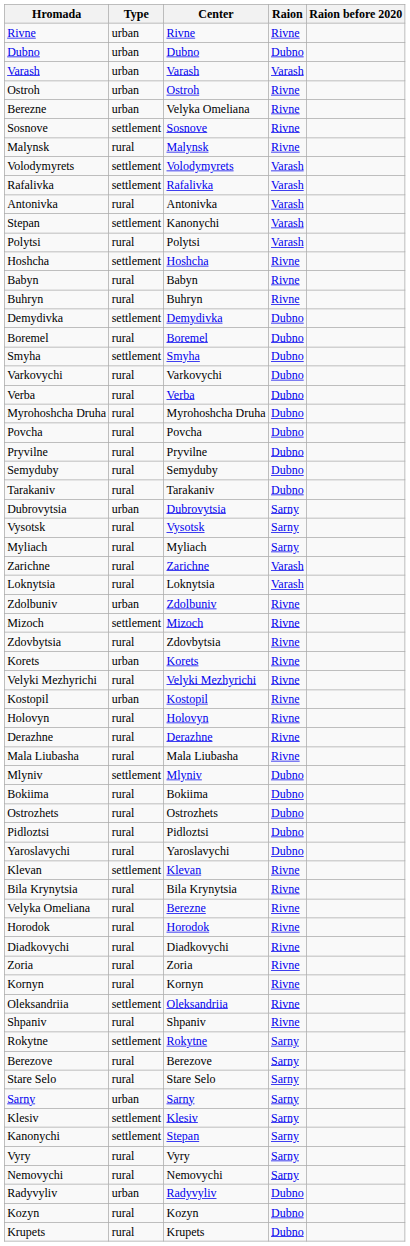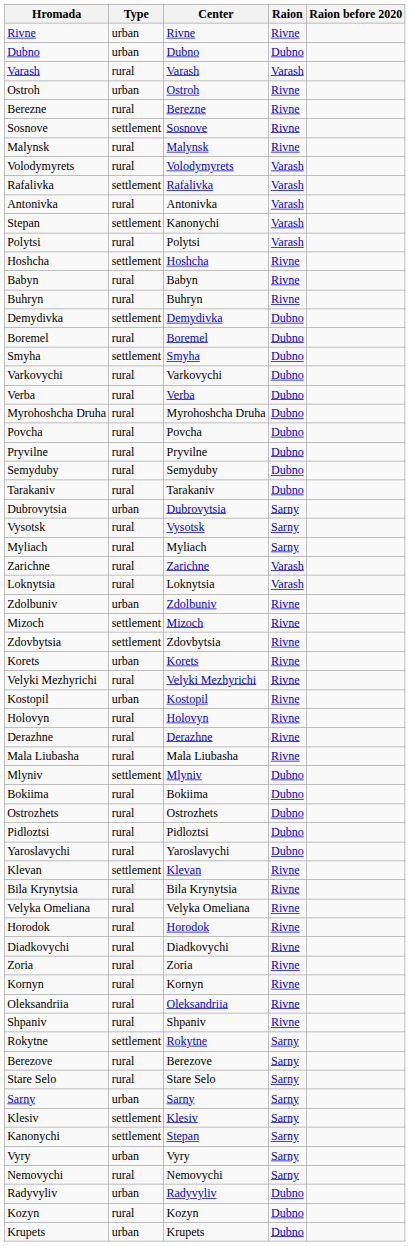 <table class='wikitable sortable'>
 <tr>
 <th>Hromada</th>
 <th>Type</th>
 <th>Center</th>
 <th>Raion</th>
 <th>Raion before 2020</th>
 </tr>
 <tr>
 <td><a href='#'>Rivne</a></td>
 <td>urban</td>
 <td><a href='#'>Rivne</a></td>
 <td><a href='#'>Rivne</a></td>
 <td></td>
 </tr>
 <tr>
 <td><a href='#'>Dubno</a></td>
 <td>urban</td>
 <td><a href='#'>Dubno</a></td>
 <td><a href='#'>Dubno</a></td>
 <td></td>
 </tr>
 <tr>
 <td><a href='#'>Varash</a></td>
-<td>urban</td>
+<td>rural</td>
 <td><a href='#'>Varash</a></td>
 <td><a href='#'>Varash</a></td>
 <td></td>
 </tr>
 <tr>
 <td>Ostroh</td>
 <td>urban</td>
 <td><a href='#'>Ostroh</a></td>
 <td><a href='#'>Rivne</a></td>
 <td></td>
 </tr>
 <tr>
 <td>Berezne</td>
-<td>urban</td>
-<td>Velyka Omeliana</td>
+<td>rural</td>
+<td><a href='#'>Berezne</a></td>
 <td><a href='#'>Rivne</a></td>
 <td></td>
 </tr>
 <tr>
 <td>Sosnove</td>
 <td>settlement</td>
 <td><a href='#'>Sosnove</a></td>
 <td><a href='#'>Rivne</a></td>
 <td></td>
 </tr>
 <tr>
 <td>Malynsk</td>
 <td>rural</td>
 <td><a href='#'>Malynsk</a></td>
 <td><a href='#'>Rivne</a></td>
 <td></td>
 </tr>
 <tr>
 <td>Volodymyrets</td>
-<td>settlement</td>
+<td>rural</td>
 <td><a href='#'>Volodymyrets</a></td>
 <td><a href='#'>Varash</a></td>
 <td></td>
 </tr>
 <tr>
 <td>Rafalivka</td>
 <td>settlement</td>
 <td><a href='#'>Rafalivka</a></td>
 <td><a href='#'>Varash</a></td>
 <td></td>
 </tr>
 <tr>
 <td>Antonivka</td>
 <td>rural</td>
 <td>Antonivka</td>
 <td><a href='#'>Varash</a></td>
 <td></td>
 </tr>
 <tr>
 <td>Stepan</td>
 <td>settlement</td>
 <td>Kanonychi</td>
 <td><a href='#'>Varash</a></td>
 <td></td>
 </tr>
 <tr>
 <td>Polytsi</td>
 <td>rural</td>
 <td>Polytsi</td>
 <td><a href='#'>Varash</a></td>
 <td></td>
 </tr>
 <tr>
 <td>Hoshcha</td>
 <td>settlement</td>
 <td><a href='#'>Hoshcha</a></td>
 <td><a href='#'>Rivne</a></td>
 <td></td>
 </tr>
 <tr>
 <td>Babyn</td>
 <td>rural</td>
 <td>Babyn</td>
 <td><a href='#'>Rivne</a></td>
 <td></td>
 </tr>
 <tr>
 <td>Buhryn</td>
 <td>rural</td>
 <td>Buhryn</td>
 <td><a href='#'>Rivne</a></td>
 <td></td>
 </tr>
 <tr>
 <td>Demydivka</td>
 <td>settlement</td>
 <td><a href='#'>Demydivka</a></td>
 <td><a href='#'>Dubno</a></td>
 <td></td>
 </tr>
 <tr>
 <td>Boremel</td>
 <td>rural</td>
 <td><a href='#'>Boremel</a></td>
 <td><a href='#'>Dubno</a></td>
 <td></td>
 </tr>
 <tr>
 <td>Smyha</td>
 <td>settlement</td>
 <td><a href='#'>Smyha</a></td>
 <td><a href='#'>Dubno</a></td>
 <td></td>
 </tr>
 <tr>
 <td>Varkovychi</td>
 <td>rural</td>
 <td>Varkovychi</td>
 <td><a href='#'>Dubno</a></td>
 <td></td>
 </tr>
 <tr>
 <td>Verba</td>
 <td>rural</td>
 <td><a href='#'>Verba</a></td>
 <td><a href='#'>Dubno</a></td>
 <td></td>
 </tr>
 <tr>
 <td>Myrohoshcha Druha</td>
 <td>rural</td>
 <td>Myrohoshcha Druha</td>
 <td><a href='#'>Dubno</a></td>
 <td></td>
 </tr>
 <tr>
 <td>Povcha</td>
 <td>rural</td>
 <td>Povcha</td>
 <td><a href='#'>Dubno</a></td>
 <td></td>
 </tr>
 <tr>
 <td>Pryvilne</td>
 <td>rural</td>
 <td>Pryvilne</td>
 <td><a href='#'>Dubno</a></td>
 <td></td>
 </tr>
 <tr>
 <td>Semyduby</td>
 <td>rural</td>
 <td>Semyduby</td>
 <td><a href='#'>Dubno</a></td>
 <td></td>
 </tr>
 <tr>
 <td>Tarakaniv</td>
 <td>rural</td>
 <td>Tarakaniv</td>
 <td><a href='#'>Dubno</a></td>
 <td></td>
 </tr>
 <tr>
 <td>Dubrovytsia</td>
 <td>urban</td>
 <td><a href='#'>Dubrovytsia</a></td>
 <td><a href='#'>Sarny</a></td>
 <td></td>
 </tr>
 <tr>
 <td>Vysotsk</td>
 <td>rural</td>
 <td><a href='#'>Vysotsk</a></td>
 <td><a href='#'>Sarny</a></td>
 <td></td>
 </tr>
 <tr>
 <td>Myliach</td>
 <td>rural</td>
 <td>Myliach</td>
 <td><a href='#'>Sarny</a></td>
 <td></td>
 </tr>
 <tr>
 <td>Zarichne</td>
 <td>rural</td>
 <td><a href='#'>Zarichne</a></td>
 <td><a href='#'>Varash</a></td>
 <td></td>
 </tr>
 <tr>
 <td>Loknytsia</td>
 <td>rural</td>
 <td>Loknytsia</td>
 <td><a href='#'>Varash</a></td>
 <td></td>
 </tr>
 <tr>
 <td>Zdolbuniv</td>
 <td>urban</td>
 <td><a href='#'>Zdolbuniv</a></td>
 <td><a href='#'>Rivne</a></td>
 <td></td>
 </tr>
 <tr>
 <td>Mizoch</td>
 <td>settlement</td>
 <td><a href='#'>Mizoch</a></td>
 <td><a href='#'>Rivne</a></td>
 <td></td>
 </tr>
 <tr>
 <td>Zdovbytsia</td>
-<td>rural</td>
+<td>settlement</td>
 <td>Zdovbytsia</td>
 <td><a href='#'>Rivne</a></td>
 <td></td>
 </tr>
 <tr>
 <td>Korets</td>
 <td>urban</td>
 <td><a href='#'>Korets</a></td>
 <td><a href='#'>Rivne</a></td>
 <td></td>
 </tr>
 <tr>
 <td>Velyki Mezhyrichi</td>
 <td>rural</td>
 <td><a href='#'>Velyki Mezhyrichi</a></td>
 <td><a href='#'>Rivne</a></td>
 <td></td>
 </tr>
 <tr>
 <td>Kostopil</td>
 <td>urban</td>
 <td><a href='#'>Kostopil</a></td>
 <td><a href='#'>Rivne</a></td>
 <td></td>
 </tr>
 <tr>
 <td>Holovyn</td>
 <td>rural</td>
 <td><a href='#'>Holovyn</a></td>
 <td><a href='#'>Rivne</a></td>
 <td></td>
 </tr>
 <tr>
 <td>Derazhne</td>
 <td>rural</td>
 <td><a href='#'>Derazhne</a></td>
 <td><a href='#'>Rivne</a></td>
 <td></td>
 </tr>
 <tr>
 <td>Mala Liubasha</td>
 <td>rural</td>
 <td>Mala Liubasha</td>
 <td><a href='#'>Rivne</a></td>
 <td></td>
 </tr>
 <tr>
 <td>Mlyniv</td>
 <td>settlement</td>
 <td><a href='#'>Mlyniv</a></td>
 <td><a href='#'>Dubno</a></td>
 <td></td>
 </tr>
 <tr>
 <td>Bokiima</td>
 <td>rural</td>
 <td>Bokiima</td>
 <td><a href='#'>Dubno</a></td>
 <td></td>
 </tr>
 <tr>
 <td>Ostrozhets</td>
 <td>rural</td>
 <td>Ostrozhets</td>
 <td><a href='#'>Dubno</a></td>
 <td></td>
 </tr>
 <tr>
 <td>Pidloztsi</td>
 <td>rural</td>
 <td>Pidloztsi</td>
 <td><a href='#'>Dubno</a></td>
 <td></td>
 </tr>
 <tr>
 <td>Yaroslavychi</td>
 <td>rural</td>
 <td>Yaroslavychi</td>
 <td><a href='#'>Dubno</a></td>
 <td></td>
 </tr>
 <tr>
 <td>Klevan</td>
 <td>settlement</td>
 <td><a href='#'>Klevan</a></td>
 <td><a href='#'>Rivne</a></td>
 <td></td>
 </tr>
 <tr>
 <td>Bila Krynytsia</td>
 <td>rural</td>
 <td>Bila Krynytsia</td>
 <td><a href='#'>Rivne</a></td>
 <td></td>
 </tr>
 <tr>
 <td>Velyka Omeliana</td>
 <td>rural</td>
-<td><a href='#'>Berezne</a></td>
+<td>Velyka Omeliana</td>
 <td><a href='#'>Rivne</a></td>
 <td></td>
 </tr>
 <tr>
 <td>Horodok</td>
 <td>rural</td>
 <td><a href='#'>Horodok</a></td>
 <td><a href='#'>Rivne</a></td>
 <td></td>
 </tr>
 <tr>
 <td>Diadkovychi</td>
 <td>rural</td>
 <td>Diadkovychi</td>
 <td><a href='#'>Rivne</a></td>
 <td></td>
 </tr>
 <tr>
 <td>Zoria</td>
 <td>rural</td>
 <td>Zoria</td>
 <td><a href='#'>Rivne</a></td>
 <td></td>
 </tr>
 <tr>
 <td>Kornyn</td>
 <td>rural</td>
 <td>Kornyn</td>
 <td><a href='#'>Rivne</a></td>
 <td></td>
 </tr>
 <tr>
 <td>Oleksandriia</td>
-<td>settlement</td>
+<td>rural</td>
 <td><a href='#'>Oleksandriia</a></td>
 <td><a href='#'>Rivne</a></td>
 <td></td>
 </tr>
 <tr>
 <td>Shpaniv</td>
 <td>rural</td>
 <td>Shpaniv</td>
 <td><a href='#'>Rivne</a></td>
 <td></td>
 </tr>
 <tr>
 <td>Rokytne</td>
 <td>settlement</td>
 <td><a href='#'>Rokytne</a></td>
 <td><a href='#'>Sarny</a></td>
 <td></td>
 </tr>
 <tr>
 <td>Berezove</td>
 <td>rural</td>
 <td>Berezove</td>
 <td><a href='#'>Sarny</a></td>
 <td></td>
 </tr>
 <tr>
 <td>Stare Selo</td>
 <td>rural</td>
 <td>Stare Selo</td>
 <td><a href='#'>Sarny</a></td>
 <td></td>
 </tr>
 <tr>
 <td><a href='#'>Sarny</a></td>
 <td>urban</td>
 <td><a href='#'>Sarny</a></td>
 <td><a href='#'>Sarny</a></td>
 <td></td>
 </tr>
 <tr>
 <td>Klesiv</td>
 <td>settlement</td>
 <td><a href='#'>Klesiv</a></td>
 <td><a href='#'>Sarny</a></td>
 <td></td>
 </tr>
 <tr>
 <td>Kanonychi</td>
 <td>settlement</td>
 <td><a href='#'>Stepan</a></td>
 <td><a href='#'>Sarny</a></td>
 <td></td>
 </tr>
 <tr>
 <td>Vyry</td>
-<td>rural</td>
+<td>urban</td>
 <td>Vyry</td>
 <td><a href='#'>Sarny</a></td>
 <td></td>
 </tr>
 <tr>
 <td>Nemovychi</td>
 <td>rural</td>
 <td>Nemovychi</td>
 <td><a href='#'>Sarny</a></td>
 <td></td>
 </tr>
 <tr>
 <td>Radyvyliv</td>
 <td>urban</td>
 <td><a href='#'>Radyvyliv</a></td>
 <td><a href='#'>Dubno</a></td>
 <td></td>
 </tr>
 <tr>
 <td>Kozyn</td>
 <td>rural</td>
 <td>Kozyn</td>
 <td><a href='#'>Dubno</a></td>
 <td></td>
 </tr>
 <tr>
 <td>Krupets</td>
-<td>rural</td>
+<td>urban</td>
 <td>Krupets</td>
 <td><a href='#'>Dubno</a></td>
 <td></td>
 </tr>
 </table>
